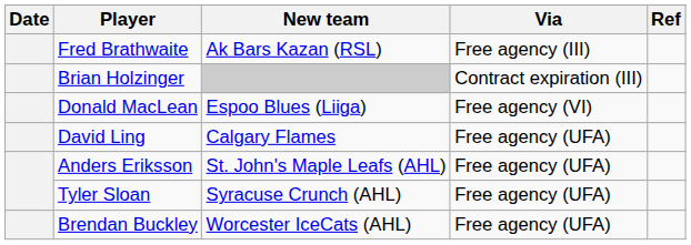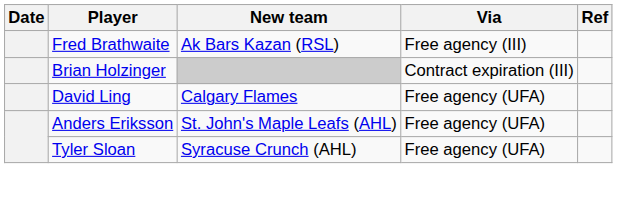 <table class="wikitable plainrowheaders">
 <tr style="background:#ddd; text-align:center;">
 <th>Date</th>
 <th>Player</th>
 <th>New team</th>
 <th>Via</th>
 <th>Ref</th>
 </tr>
 <tr>
 <th scope="row"></th>
 <td><a href='#'>Fred Brathwaite</a></td>
 <td><a href='#'>Ak Bars Kazan</a> (<a href='#'>RSL</a>)</td>
 <td>Free agency (III)</td>
 <td></td>
 </tr>
 <tr>
 <th scope="row"></th>
 <td><a href='#'>Brian Holzinger</a></td>
 <td style="background:#ccc"></td>
 <td>Contract expiration (III)</td>
 <td></td>
 </tr>
 <tr>
 <th scope="row"></th>
-<td><a href='#'>Donald MacLean</a></td>
-<td><a href='#'>Espoo Blues</a> (<a href='#'>Liiga</a>)</td>
-<td>Free agency (VI)</td>
-<td></td>
-</tr>
-<tr>
-<th scope="row"></th>
 <td><a href='#'>David Ling</a></td>
 <td><a href='#'>Calgary Flames</a></td>
 <td>Free agency (UFA)</td>
 <td></td>
 </tr>
 <tr>
 <th scope="row" rowspan=2></th>
 <td><a href='#'>Anders Eriksson</a></td>
 <td><a href='#'>St. John's Maple Leafs</a> (<a href='#'>AHL</a>)</td>
 <td>Free agency (UFA)</td>
 <td></td>
 </tr>
 <tr>
 <td><a href='#'>Tyler Sloan</a></td>
 <td><a href='#'>Syracuse Crunch</a> (AHL)</td>
 <td>Free agency (UFA)</td>
 <td></td>
 </tr>
-<tr>
-<th scope="row"></th>
-<td><a href='#'>Brendan Buckley</a></td>
-<td><a href='#'>Worcester IceCats</a> (AHL)</td>
-<td>Free agency (UFA)</td>
-<td></td>
-</tr>
 </table>
